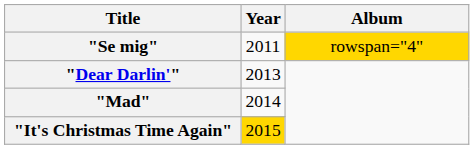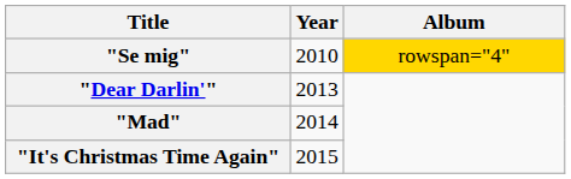 <table class="wikitable plainrowheaders" style="text-align:center;">
 <tr>
 <th scope="col" style="width:13em;">Title</th>
 <th scope="col" style="width:2em;">Year</th>
 <th scope="col" style="width:10em;">Album</th>
 </tr>
 <tr>
 <th scope="row">"Se mig"</th>
-<td>2011</td>
+<td>2010</td>
 <td style="background: gold;">rowspan="4" </td>
 </tr>
 <tr>
 <th scope="row">"<a href='#'>Dear Darlin'</a>"</th>
 <td>2013</td>
 </tr>
 <tr>
 <th scope="row">"Mad"</th>
 <td>2014</td>
 </tr>
 <tr>
 <th scope="row">"It's Christmas Time Again"</th>
-<td style="background: gold;">2015</td>
+<td>2015</td>
 </tr>
 </table>
